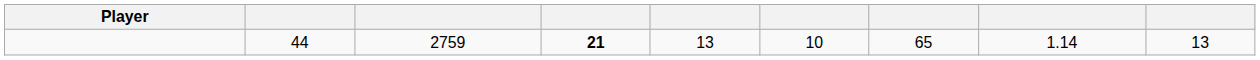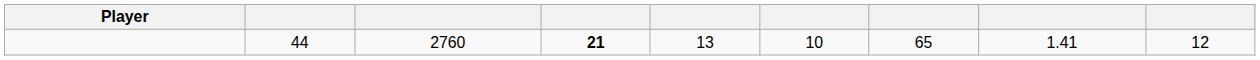 <table class="wikitable sortable" style="width:100%;">
 <tr style="text-align:center; background:#ddd;">
 <th>Player</th>
 <th></th>
 <th></th>
 <th></th>
 <th></th>
 <th></th>
 <th></th>
 <th></th>
 <th></th>
 </tr>
 <tr align=center>
 <td></td>
 <td>44</td>
-<td>2759</td>
+<td>2760</td>
 <td><strong>21</strong></td>
 <td>13</td>
 <td>10</td>
 <td>65</td>
-<td>1.14</td>
-<td>13</td>
+<td>1.41</td>
+<td>12</td>
 </tr>
 </table>
